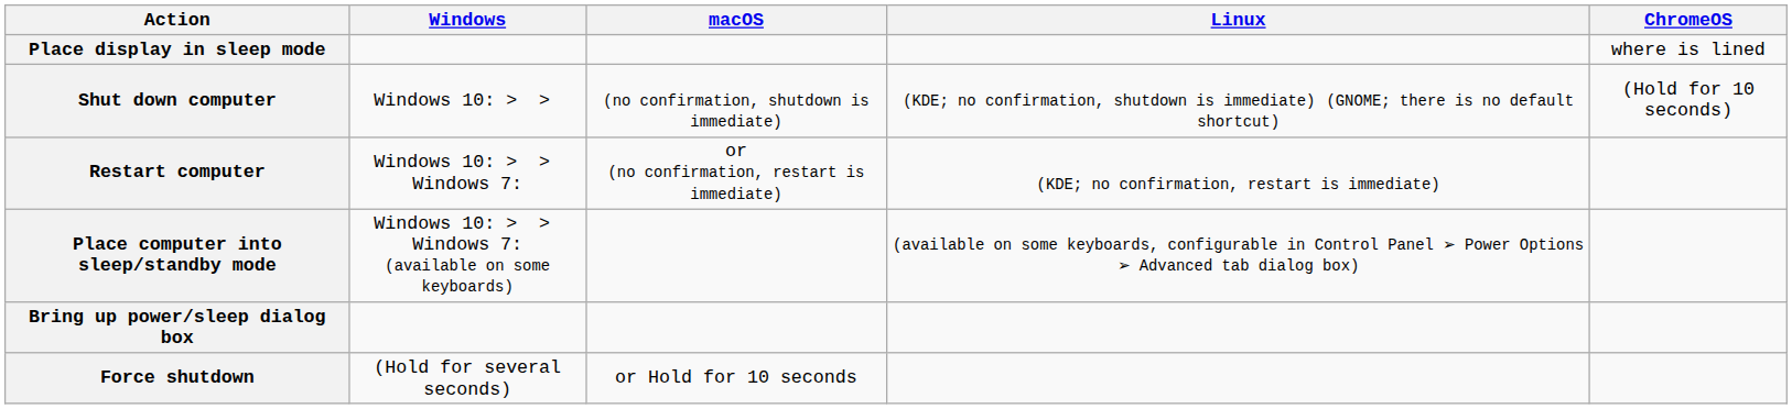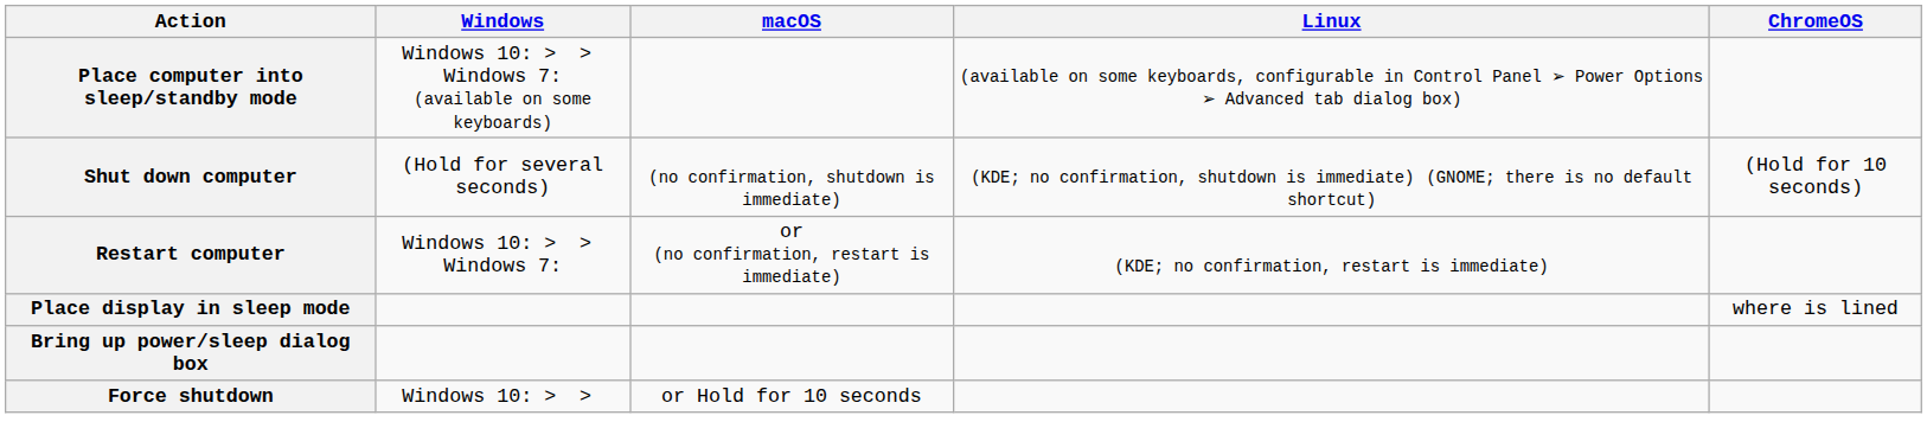 <table class="wikitable" style="width: 100%; text-align: center;">
 <tr>
 <th scope="col">Action</th>
 <th scope="col"><a href='#'>Windows</a></th>
 <th scope="col"><a href='#'>macOS</a></th>
 <th scope="col"><a href='#'>Linux</a></th>
 <th scope="col"><a href='#'>ChromeOS</a></th>
 </tr>
 <tr>
-<th scope="row">Place display in sleep mode</th>
+<th scope="row">Place computer into sleep/standby mode</th>
+<td>Windows 10:  >  > <br>Windows 7: <br> <small>(available on some keyboards)</small></td>
 <td></td>
+<td> <small>(available on some keyboards, configurable in Control Panel ➢ Power Options ➢ Advanced tab dialog box)</small></td>
 <td></td>
-<td></td>
-<td>where is lined</td>
 </tr>
 <tr>
 <th scope="row">Shut down computer</th>
-<td>Windows 10:  >  > </td>
+<td> (Hold for several seconds)</td>
 <td><br><small>(no confirmation, shutdown is immediate)</small></td>
 <td><br><small>(KDE; no confirmation, shutdown is immediate)</small> <small>(GNOME; there is no default shortcut)</small></td>
 <td> (Hold for 10 seconds)</td>
 </tr>
 <tr>
 <th scope="row">Restart computer</th>
 <td>Windows 10:  >  >  <br> Windows 7: </td>
 <td> or <br><small>(no confirmation, restart is immediate)</small></td>
 <td><br><small>(KDE; no confirmation, restart is immediate)</small></td>
 <td></td>
 </tr>
 <tr>
-<th scope="row">Place computer into sleep/standby mode</th>
-<td>Windows 10:  >  > <br>Windows 7: <br> <small>(available on some keyboards)</small></td>
+<th scope="row">Place display in sleep mode</th>
 <td></td>
-<td> <small>(available on some keyboards, configurable in Control Panel ➢ Power Options ➢ Advanced tab dialog box)</small></td>
 <td></td>
+<td></td>
+<td>where is lined</td>
 </tr>
 <tr>
 <th scope="row">Bring up power/sleep dialog box</th>
 <td></td>
 <td></td>
 <td></td>
 <td></td>
 </tr>
 <tr>
 <th scope="row">Force shutdown</th>
-<td> (Hold for several seconds)</td>
+<td>Windows 10:  >  > </td>
 <td> or Hold  for 10 seconds</td>
 <td></td>
 <td></td>
 </tr>
 </table>
